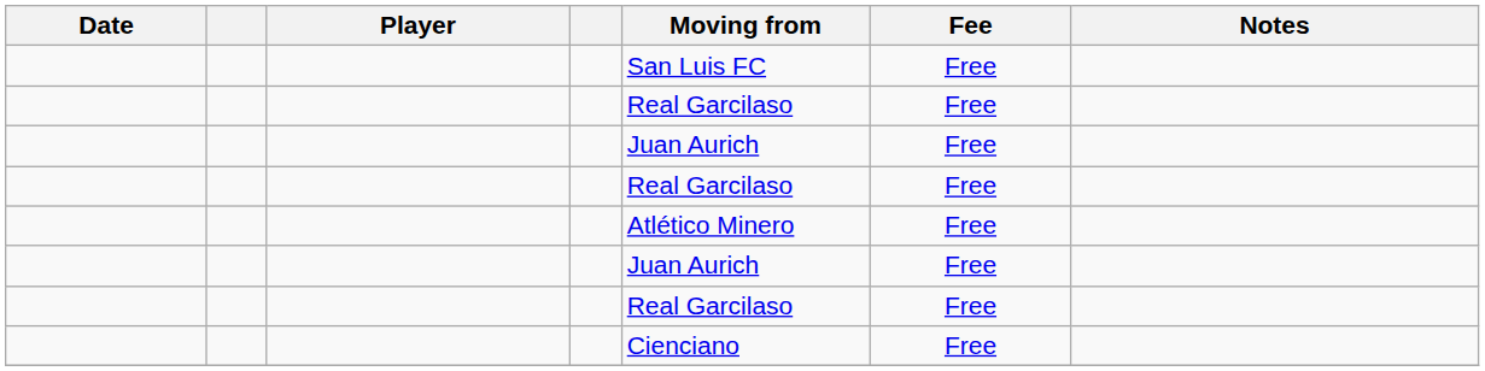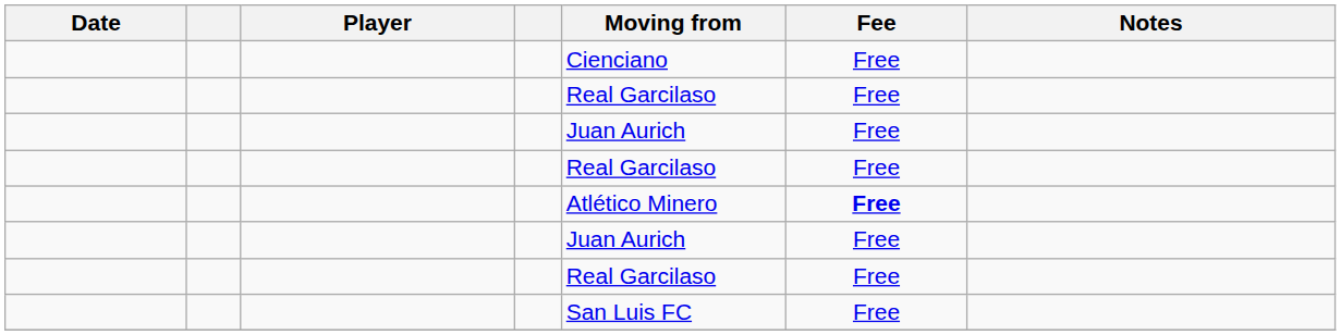 <table class="wikitable sortable">
 <tr>
 <th style="width:120px;">Date</th>
 <th style="width:30px;"></th>
 <th style="width:185px;">Player</th>
 <th style="width:25px;"></th>
 <th style="width:150px;">Moving from</th>
 <th style="width:120px;" class="unsortable">Fee</th>
 <th style="width:250px;" class="unsortable">Notes</th>
 </tr>
 <tr>
 <td></td>
 <td align=center></td>
 <td> </td>
 <td></td>
-<td> <a href='#'>San Luis FC</a></td>
+<td> <a href='#'>Cienciano</a></td>
 <td align=center><a href='#'>Free</a></td>
 <td align=center></td>
 </tr>
 <tr>
 <td></td>
 <td align=center></td>
 <td> </td>
 <td></td>
 <td> <a href='#'>Real Garcilaso</a></td>
 <td align=center><a href='#'>Free</a></td>
 <td align=center></td>
 </tr>
 <tr>
 <td></td>
 <td align=center></td>
 <td> </td>
 <td></td>
 <td> <a href='#'>Juan Aurich</a></td>
 <td align=center><a href='#'>Free</a></td>
 <td align=center></td>
 </tr>
 <tr>
 <td></td>
 <td align=center></td>
 <td> </td>
 <td></td>
 <td> <a href='#'>Real Garcilaso</a></td>
 <td align=center><a href='#'>Free</a></td>
 <td align=center></td>
 </tr>
 <tr>
 <td></td>
 <td align=center></td>
 <td> </td>
 <td></td>
 <td> <a href='#'>Atlético Minero</a></td>
-<td align=center><a href='#'>Free</a></td>
+<td align=center><strong><a href='#'>Free</a></strong></td>
 <td align=center></td>
 </tr>
 <tr>
 <td></td>
 <td align=center></td>
 <td> </td>
 <td></td>
 <td> <a href='#'>Juan Aurich</a></td>
 <td align=center><a href='#'>Free</a></td>
 <td align=center></td>
 </tr>
 <tr>
 <td></td>
 <td align=center></td>
 <td> </td>
 <td></td>
 <td> <a href='#'>Real Garcilaso</a></td>
 <td align=center><a href='#'>Free</a></td>
 <td align=center></td>
 </tr>
 <tr>
 <td></td>
 <td align=center></td>
 <td> </td>
 <td></td>
-<td> <a href='#'>Cienciano</a></td>
+<td> <a href='#'>San Luis FC</a></td>
 <td align=center><a href='#'>Free</a></td>
 <td align=center></td>
 </tr>
 <tr>
 </tr>
 </table>
